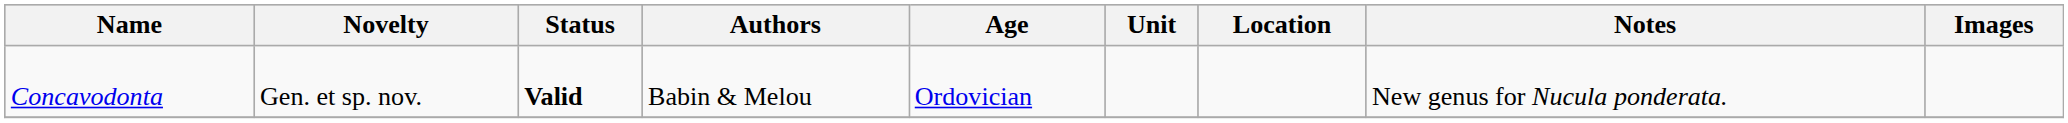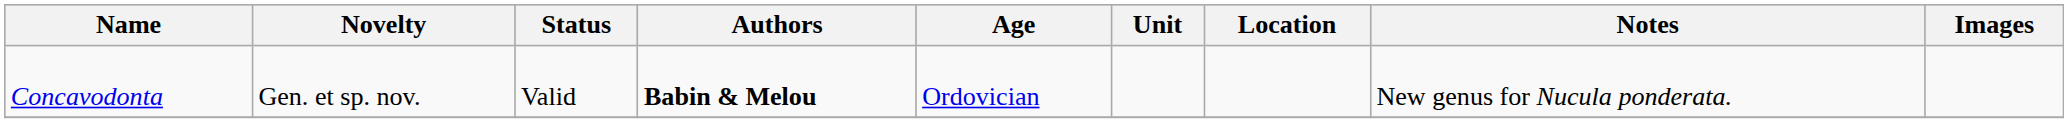 <table class="wikitable sortable" align="center" width="100%">
 <tr>
 <th>Name</th>
 <th>Novelty</th>
 <th>Status</th>
 <th>Authors</th>
 <th>Age</th>
 <th>Unit</th>
 <th>Location</th>
 <th>Notes</th>
 <th>Images</th>
 </tr>
 <tr>
 <td><br><em><a href='#'>Concavodonta</a></em></td>
 <td><br>Gen. et sp. nov.</td>
-<td><strong><br>Valid</strong></td>
-<td><br>Babin & Melou</td>
+<td><br>Valid</td>
+<td><strong><br>Babin & Melou</strong></td>
 <td><br><a href='#'>Ordovician</a></td>
 <td></td>
 <td><br></td>
 <td><br>New genus for <em>Nucula ponderata.</em></td>
 <td></td>
 </tr>
 <tr>
 </tr>
 </table>
